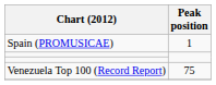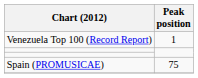 <table class="wikitable sortable">
 <tr>
 <th scope="col">Chart (2012)</th>
 <th scope="col">Peak<br>position</th>
 </tr>
 <tr>
-<td>Spain (<a href='#'>PROMUSICAE</a>)</td>
+<td>Venezuela Top 100 (<a href='#'>Record Report</a>)</td>
 <td align="center">1</td>
 </tr>
 <tr>
 <td></td>
 </tr>
 <tr>
 <td></td>
 </tr>
 <tr>
-<td>Venezuela Top 100 (<a href='#'>Record Report</a>)</td>
+<td>Spain (<a href='#'>PROMUSICAE</a>)</td>
 <td align="center">75</td>
 </tr>
 <tr>
 </tr>
 </table>
